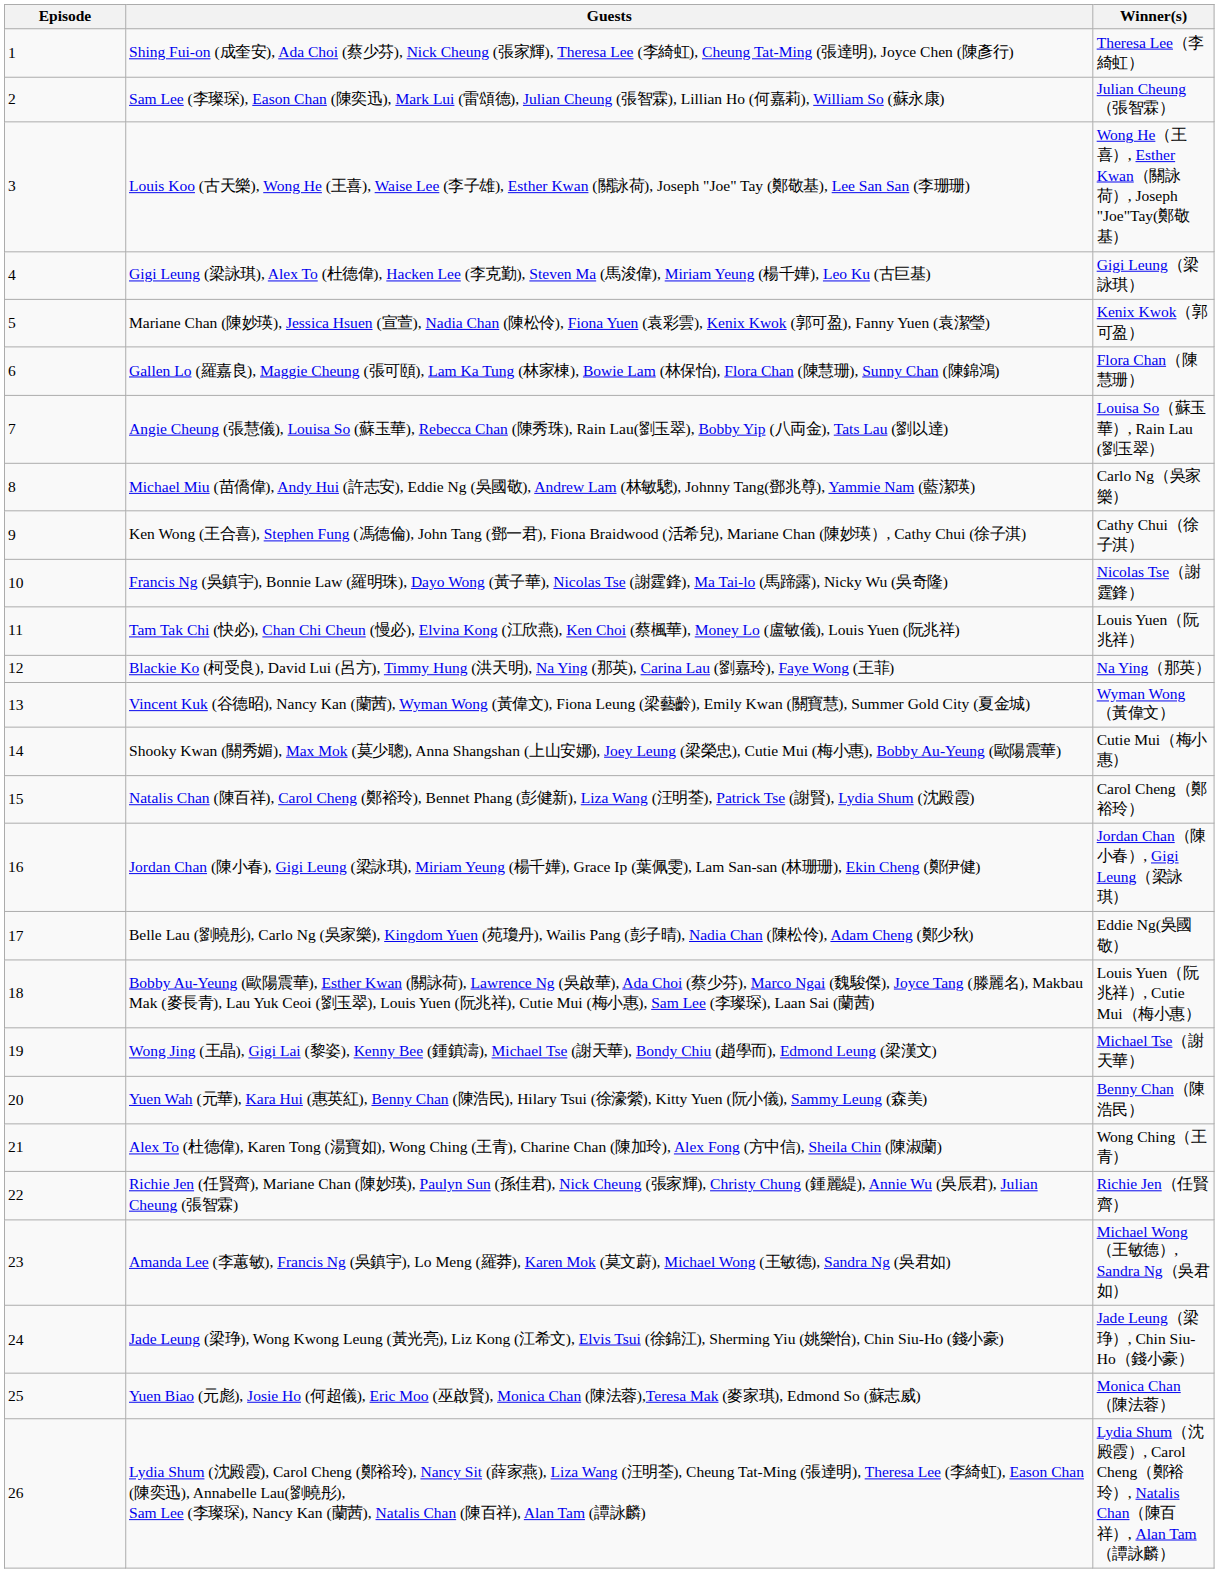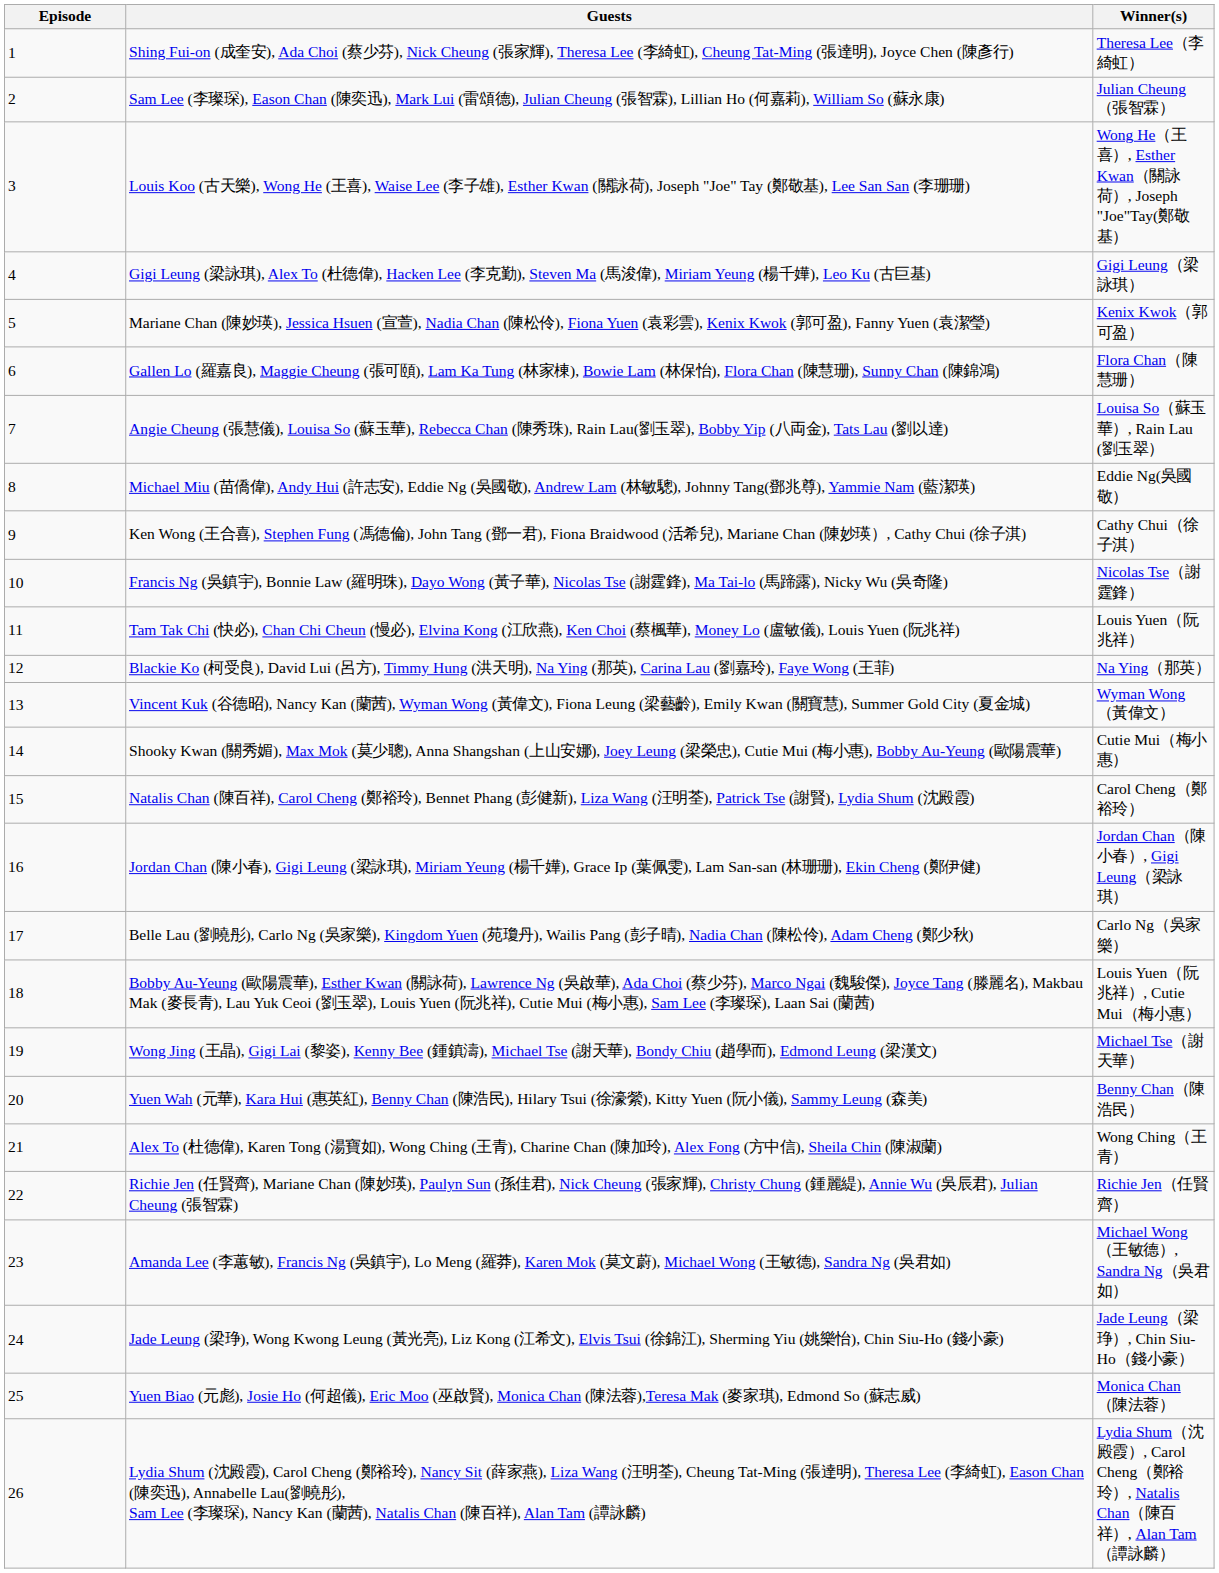 <table class="wikitable">
 <tr>
 <th style="width:10%;">Episode</th>
 <th style="width:80%;">Guests</th>
 <th style="width:10%;">Winner(s)</th>
 </tr>
 <tr>
 <td>1</td>
 <td><a href='#'>Shing Fui-on</a> (成奎安), <a href='#'>Ada Choi</a> (蔡少芬), <a href='#'>Nick Cheung</a> (張家輝), <a href='#'>Theresa Lee</a> (李綺虹), <a href='#'>Cheung Tat-Ming</a> (張達明), Joyce Chen (陳彥行)</td>
 <td><a href='#'>Theresa Lee</a>（李綺虹）</td>
 </tr>
 <tr>
 <td>2</td>
 <td><a href='#'>Sam Lee</a> (李璨琛), <a href='#'>Eason Chan</a> (陳奕迅), <a href='#'>Mark Lui</a> (雷頌德), <a href='#'>Julian Cheung</a> (張智霖), Lillian Ho (何嘉莉), <a href='#'>William So</a> (蘇永康)</td>
 <td><a href='#'>Julian Cheung</a>（張智霖）</td>
 </tr>
 <tr>
 <td>3</td>
 <td><a href='#'>Louis Koo</a> (古天樂), <a href='#'>Wong He</a> (王喜), <a href='#'>Waise Lee</a> (李子雄), <a href='#'>Esther Kwan</a> (關詠荷), Joseph "Joe" Tay (鄭敬基), <a href='#'>Lee San San</a> (李珊珊)</td>
 <td><a href='#'>Wong He</a>（王喜）, <a href='#'>Esther Kwan</a>（關詠荷）, Joseph "Joe"Tay(鄭敬基）</td>
 </tr>
 <tr>
 <td>4</td>
 <td><a href='#'>Gigi Leung</a> (梁詠琪), <a href='#'>Alex To</a> (杜德偉), <a href='#'>Hacken Lee</a> (李克勤), <a href='#'>Steven Ma</a> (馬浚偉), <a href='#'>Miriam Yeung</a> (楊千嬅), <a href='#'>Leo Ku</a> (古巨基)</td>
 <td><a href='#'>Gigi Leung</a>（梁詠琪）</td>
 </tr>
 <tr>
 <td>5</td>
 <td>Mariane Chan (陳妙瑛), <a href='#'>Jessica Hsuen</a> (宣萱), <a href='#'>Nadia Chan</a> (陳松伶), <a href='#'>Fiona Yuen</a> (袁彩雲), <a href='#'>Kenix Kwok</a> (郭可盈), Fanny Yuen (袁潔瑩)</td>
 <td><a href='#'>Kenix Kwok</a>（郭可盈）</td>
 </tr>
 <tr>
 <td>6</td>
 <td><a href='#'>Gallen Lo</a> (羅嘉良), <a href='#'>Maggie Cheung</a> (張可頤), <a href='#'>Lam Ka Tung</a> (林家棟), <a href='#'>Bowie Lam</a> (林保怡), <a href='#'>Flora Chan</a> (陳慧珊), <a href='#'>Sunny Chan</a> (陳錦鴻)</td>
 <td><a href='#'>Flora Chan</a>（陳慧珊）</td>
 </tr>
 <tr>
 <td>7</td>
 <td><a href='#'>Angie Cheung</a> (張慧儀), <a href='#'>Louisa So</a> (蘇玉華), <a href='#'>Rebecca Chan</a> (陳秀珠),  Rain Lau(劉玉翠), <a href='#'>Bobby Yip</a> (八両金), <a href='#'>Tats Lau</a> (劉以達)</td>
 <td><a href='#'>Louisa So</a>（蘇玉華）, Rain Lau (劉玉翠）</td>
 </tr>
 <tr>
 <td>8</td>
 <td><a href='#'>Michael Miu</a> (苗僑偉), <a href='#'>Andy Hui</a> (許志安), Eddie Ng (吳國敬), <a href='#'>Andrew Lam</a> (林敏驄),  Johnny Tang(鄧兆尊), <a href='#'>Yammie Nam</a> (藍潔瑛)</td>
-<td>Carlo Ng（吳家樂）</td>
+<td>Eddie Ng(吳國敬）</td>
 </tr>
 <tr>
 <td>9</td>
 <td>Ken Wong (王合喜), <a href='#'>Stephen Fung</a> (馮德倫), John Tang (鄧一君), Fiona Braidwood (活希兒), Mariane Chan (陳妙瑛）, Cathy Chui (徐子淇)</td>
 <td>Cathy Chui（徐子淇）</td>
 </tr>
 <tr>
 <td>10</td>
 <td><a href='#'>Francis Ng</a> (吳鎮宇), Bonnie Law (羅明珠), <a href='#'>Dayo Wong</a> (黃子華), <a href='#'>Nicolas Tse</a> (謝霆鋒), <a href='#'>Ma Tai-lo</a> (馬蹄露), Nicky Wu (吳奇隆)</td>
 <td><a href='#'>Nicolas Tse</a>（謝霆鋒）</td>
 </tr>
 <tr>
 <td>11</td>
 <td><a href='#'>Tam Tak Chi</a> (快必), <a href='#'>Chan Chi Cheun</a> (慢必), <a href='#'>Elvina Kong</a> (江欣燕), <a href='#'>Ken Choi</a> (蔡楓華), <a href='#'>Money Lo</a> (盧敏儀), Louis Yuen (阮兆祥)</td>
 <td>Louis Yuen（阮兆祥）</td>
 </tr>
 <tr>
 <td>12</td>
 <td><a href='#'>Blackie Ko</a> (柯受良), David Lui (呂方), <a href='#'>Timmy Hung</a> (洪天明), <a href='#'>Na Ying</a> (那英), <a href='#'>Carina Lau</a> (劉嘉玲), <a href='#'>Faye Wong</a> (王菲)</td>
 <td><a href='#'>Na Ying</a>（那英）</td>
 </tr>
 <tr>
 <td>13</td>
 <td><a href='#'>Vincent Kuk</a> (谷德昭), Nancy Kan (蘭茜), <a href='#'>Wyman Wong</a> (黃偉文), Fiona Leung (梁藝齡), Emily Kwan (關寶慧), Summer Gold City (夏金城)</td>
 <td><a href='#'>Wyman Wong</a>（黃偉文）</td>
 </tr>
 <tr>
 <td>14</td>
 <td>Shooky Kwan (關秀媚), <a href='#'>Max Mok</a> (莫少聰), Anna Shangshan (上山安娜), <a href='#'>Joey Leung</a> (梁榮忠), Cutie Mui (梅小惠), <a href='#'>Bobby Au-Yeung</a> (歐陽震華)</td>
 <td>Cutie Mui（梅小惠）</td>
 </tr>
 <tr>
 <td>15</td>
 <td><a href='#'>Natalis Chan</a> (陳百祥), <a href='#'>Carol Cheng</a> (鄭裕玲), Bennet Phang (彭健新), <a href='#'>Liza Wang</a> (汪明荃), <a href='#'>Patrick Tse</a> (謝賢), <a href='#'>Lydia Shum</a> (沈殿霞)</td>
 <td>Carol Cheng（鄭裕玲）</td>
 </tr>
 <tr>
 <td>16</td>
 <td><a href='#'>Jordan Chan</a> (陳小春), <a href='#'>Gigi Leung</a> (梁詠琪), <a href='#'>Miriam Yeung</a> (楊千嬅), Grace Ip (葉佩雯), Lam San-san (林珊珊), <a href='#'>Ekin Cheng</a> (鄭伊健)</td>
 <td><a href='#'>Jordan Chan</a>（陳小春）, <a href='#'>Gigi Leung</a>（梁詠琪）</td>
 </tr>
 <tr>
 <td>17</td>
 <td>Belle Lau (劉曉彤), Carlo Ng (吳家樂), <a href='#'>Kingdom Yuen</a> (苑瓊丹), Wailis Pang (彭子晴), <a href='#'>Nadia Chan</a> (陳松伶), <a href='#'>Adam Cheng</a> (鄭少秋)</td>
-<td>Eddie Ng(吳國敬）</td>
+<td>Carlo Ng（吳家樂）</td>
 </tr>
 <tr>
 <td>18</td>
 <td><a href='#'>Bobby Au-Yeung</a> (歐陽震華), <a href='#'>Esther Kwan</a> (關詠荷), <a href='#'>Lawrence Ng</a> (吳啟華), <a href='#'>Ada Choi</a> (蔡少芬), <a href='#'>Marco Ngai</a> (魏駿傑), <a href='#'>Joyce Tang</a> (滕麗名), Makbau Mak (麥長青), Lau Yuk Ceoi (劉玉翠), Louis Yuen (阮兆祥), Cutie Mui (梅小惠), <a href='#'>Sam Lee</a> (李璨琛), Laan Sai (蘭茜)</td>
 <td>Louis Yuen（阮兆祥）, Cutie Mui（梅小惠）</td>
 </tr>
 <tr>
 <td>19</td>
 <td><a href='#'>Wong Jing</a> (王晶), <a href='#'>Gigi Lai</a> (黎姿), <a href='#'>Kenny Bee</a> (鍾鎮濤), <a href='#'>Michael Tse</a> (謝天華), <a href='#'>Bondy Chiu</a> (趙學而), <a href='#'>Edmond Leung</a> (梁漢文)</td>
 <td><a href='#'>Michael Tse</a>（謝天華）</td>
 </tr>
 <tr>
 <td>20</td>
 <td><a href='#'>Yuen Wah</a> (元華), <a href='#'>Kara Hui</a> (惠英紅), <a href='#'>Benny Chan</a> (陳浩民), Hilary Tsui (徐濠縈), Kitty Yuen (阮小儀), <a href='#'>Sammy Leung</a> (森美)</td>
 <td><a href='#'>Benny Chan</a>（陳浩民）</td>
 </tr>
 <tr>
 <td>21</td>
 <td><a href='#'>Alex To</a> (杜德偉), Karen Tong (湯寶如), Wong Ching (王青), Charine Chan (陳加玲), <a href='#'>Alex Fong</a> (方中信), <a href='#'>Sheila Chin</a> (陳淑蘭)</td>
 <td>Wong Ching（王青）</td>
 </tr>
 <tr>
 <td>22</td>
 <td><a href='#'>Richie Jen</a> (任賢齊), Mariane Chan (陳妙瑛), <a href='#'>Paulyn Sun</a> (孫佳君), <a href='#'>Nick Cheung</a> (張家輝), <a href='#'>Christy Chung</a> (鍾麗緹), <a href='#'>Annie Wu</a> (吳辰君), <a href='#'>Julian Cheung</a> (張智霖)</td>
 <td><a href='#'>Richie Jen</a>（任賢齊）</td>
 </tr>
 <tr>
 <td>23</td>
 <td><a href='#'>Amanda Lee</a> (李蕙敏), <a href='#'>Francis Ng</a> (吳鎮宇), Lo Meng (羅莽), <a href='#'>Karen Mok</a> (莫文蔚), <a href='#'>Michael Wong</a> (王敏德), <a href='#'>Sandra Ng</a> (吳君如)</td>
 <td><a href='#'>Michael Wong</a>（王敏德）, <a href='#'>Sandra Ng</a>（吳君如）</td>
 </tr>
 <tr>
 <td>24</td>
 <td><a href='#'>Jade Leung</a> (梁琤), Wong Kwong Leung (黃光亮), Liz Kong (江希文), <a href='#'>Elvis Tsui</a> (徐錦江), Sherming Yiu (姚樂怡), Chin Siu-Ho (錢小豪)</td>
 <td><a href='#'>Jade Leung</a>（梁琤）, Chin Siu-Ho（錢小豪）</td>
 </tr>
 <tr>
 <td>25</td>
 <td><a href='#'>Yuen Biao</a> (元彪), <a href='#'>Josie Ho</a> (何超儀), <a href='#'>Eric Moo</a> (巫啟賢), <a href='#'>Monica Chan</a> (陳法蓉),<a href='#'>Teresa Mak</a> (麥家琪), Edmond So (蘇志威)</td>
 <td><a href='#'>Monica Chan</a>（陳法蓉）</td>
 </tr>
 <tr>
 <td>26</td>
 <td><a href='#'>Lydia Shum</a> (沈殿霞), Carol Cheng (鄭裕玲), <a href='#'>Nancy Sit</a> (薛家燕), <a href='#'>Liza Wang</a> (汪明荃), Cheung Tat-Ming (張達明), <a href='#'>Theresa Lee</a> (李綺虹), <a href='#'>Eason Chan</a> (陳奕迅), Annabelle Lau(劉曉彤),<br> <a href='#'>Sam Lee</a> (李璨琛), Nancy Kan  (蘭茜), <a href='#'>Natalis Chan</a> (陳百祥), <a href='#'>Alan Tam</a> (譚詠麟)</td>
 <td><a href='#'>Lydia Shum</a>（沈殿霞）, Carol Cheng（鄭裕玲）, <a href='#'>Natalis Chan</a>（陳百祥）, <a href='#'>Alan Tam</a>（譚詠麟）</td>
 </tr>
 </table>
